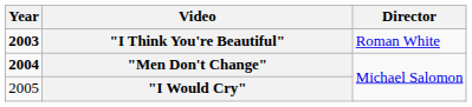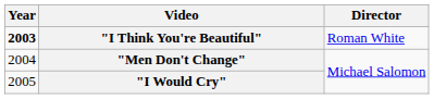 <table class="wikitable plainrowheaders">
 <tr>
 <th>Year</th>
 <th style="width:20em;">Video</th>
 <th>Director</th>
 </tr>
 <tr>
 <td><strong>2003</strong></td>
 <th scope="row">"I Think You're Beautiful"</th>
 <td><a href='#'>Roman White</a></td>
 </tr>
 <tr>
-<td><strong>2004</strong></td>
+<td>2004</td>
 <th scope="row">"Men Don't Change"</th>
 <td rowspan="2"><a href='#'>Michael Salomon</a></td>
 </tr>
 <tr>
 <td>2005</td>
 <th scope="row">"I Would Cry"</th>
 </tr>
 </table>
